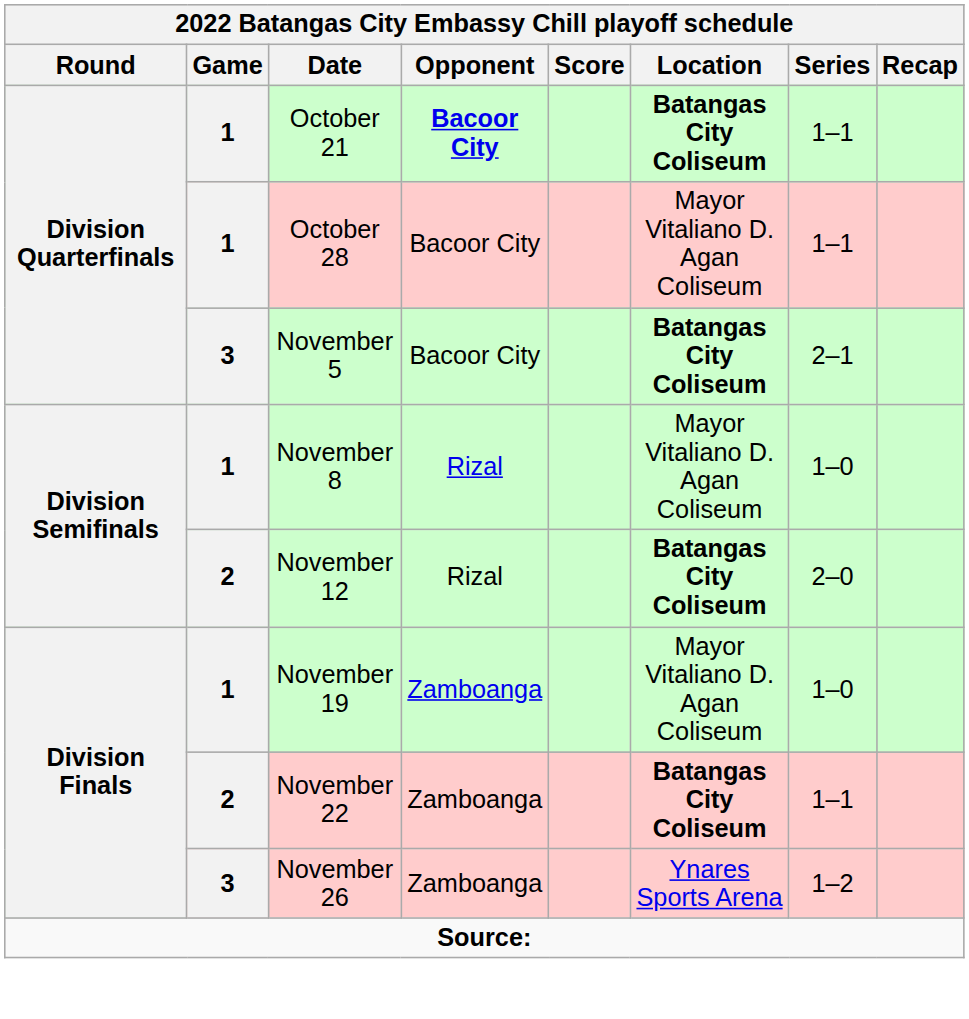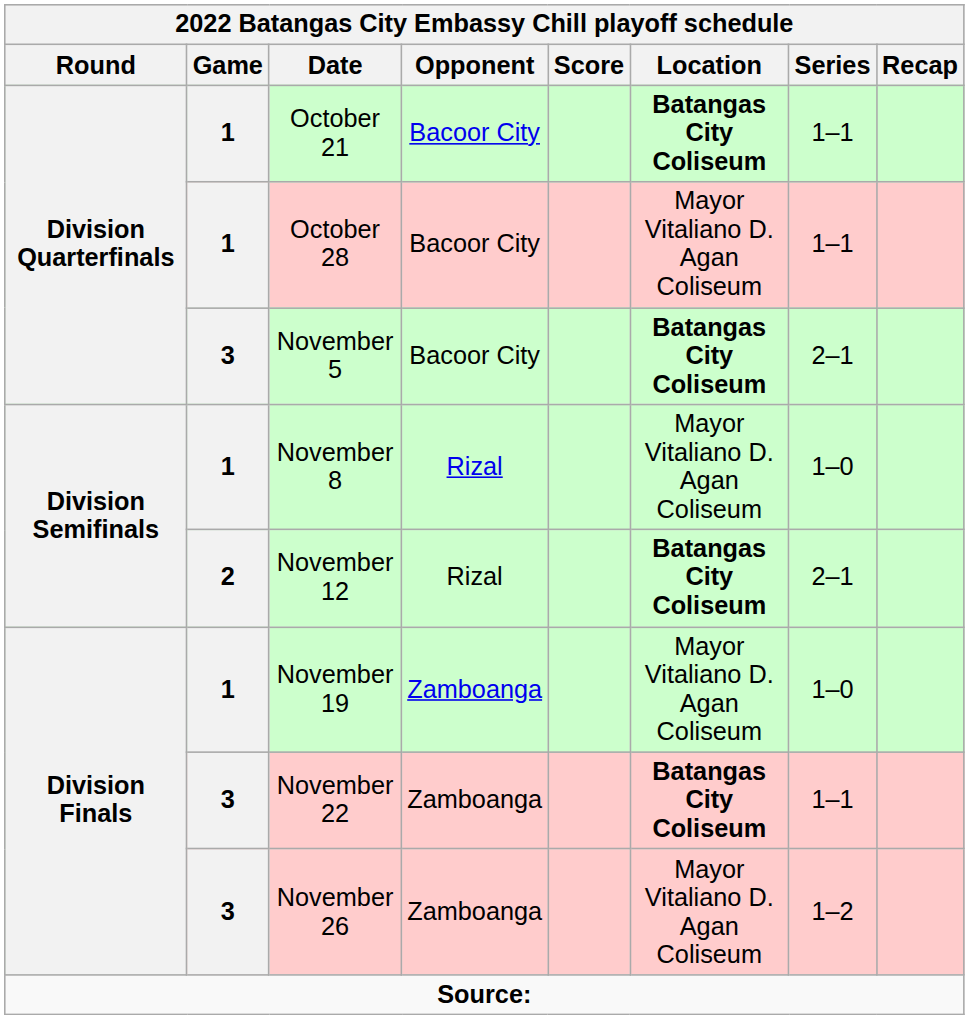 <table class="wikitable" style="text-align:center">
 <tr>
 <th colspan=8>2022 Batangas City Embassy Chill playoff schedule</th>
 </tr>
 <tr>
 <th>Round</th>
 <th>Game</th>
 <th>Date</th>
 <th>Opponent</th>
 <th>Score</th>
 <th>Location</th>
 <th>Series</th>
 <th>Recap<br></th>
 </tr>
 <tr style="background:#cfc">
 <th rowspan=3>Division Quarterfinals</th>
 <th>1</th>
 <td>October 21</td>
-<td><strong><a href='#'>Bacoor City</a></strong></td>
+<td><a href='#'>Bacoor City</a></td>
 <td></td>
 <td><strong>Batangas City Coliseum</strong></td>
 <td>1–1</td>
 <td></td>
 </tr>
 <tr style="background:#fcc">
 <th>1</th>
 <td>October 28</td>
 <td>Bacoor City</td>
 <td></td>
 <td>Mayor Vitaliano D. Agan Coliseum</td>
 <td>1–1</td>
 <td></td>
 </tr>
 <tr style="background:#cfc">
 <th>3</th>
 <td>November 5</td>
 <td>Bacoor City</td>
 <td></td>
 <td><strong>Batangas City Coliseum</strong></td>
 <td>2–1</td>
 <td><br></td>
 </tr>
 <tr style="background:#cfc">
 <th rowspan=2>Division Semifinals</th>
 <th>1</th>
 <td>November 8</td>
 <td><a href='#'>Rizal</a></td>
 <td></td>
 <td>Mayor Vitaliano D. Agan Coliseum</td>
 <td>1–0</td>
 <td></td>
 </tr>
 <tr style="background:#cfc">
 <th>2</th>
 <td>November 12</td>
 <td>Rizal</td>
 <td></td>
 <td><strong>Batangas City Coliseum</strong></td>
-<td>2–0</td>
+<td>2–1</td>
 <td><br></td>
 </tr>
 <tr style="background:#cfc">
 <th rowspan=3>Division Finals</th>
 <th>1</th>
 <td>November 19</td>
 <td><a href='#'>Zamboanga</a></td>
 <td></td>
 <td>Mayor Vitaliano D. Agan Coliseum</td>
 <td>1–0</td>
 <td></td>
 </tr>
 <tr style="background:#fcc">
-<th>2</th>
+<th>3</th>
 <td>November 22</td>
 <td>Zamboanga</td>
 <td></td>
 <td><strong>Batangas City Coliseum</strong></td>
 <td>1–1</td>
 <td></td>
 </tr>
 <tr style="background:#fcc">
 <th>3</th>
 <td>November 26</td>
 <td>Zamboanga</td>
 <td></td>
-<td><a href='#'>Ynares Sports Arena</a></td>
+<td>Mayor Vitaliano D. Agan Coliseum</td>
 <td>1–2</td>
 <td></td>
 </tr>
 <tr>
 <td colspan=8 align=center><strong>Source: </strong></td>
 </tr>
 </table>
